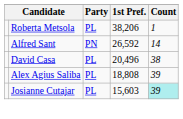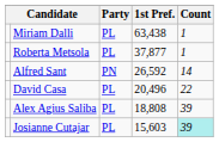 <table class="wikitable" style="font-size:95%">
 <tr>
 </tr>
 <tr>
 <th colspan=2>Candidate</th>
 <th>Party</th>
 <th>1st Pref.</th>
 <th>Count</th>
 </tr>
 <tr>
 <td></td>
+<td><a href='#'>Miriam Dalli</a></td>
+<td><a href='#'>PL</a></td>
+<td>63,438</td>
+<td><em>1</em></td>
+</tr>
+<tr>
+<td></td>
 <td><a href='#'>Roberta Metsola</a></td>
 <td><a href='#'>PL</a></td>
-<td>38,206</td>
+<td>37,877</td>
 <td><em>1</em></td>
 </tr>
 <tr>
 <td></td>
 <td><a href='#'>Alfred Sant</a></td>
 <td><a href='#'>PN</a></td>
 <td>26,592</td>
 <td><em>14</em></td>
 </tr>
 <tr>
 <td></td>
 <td><a href='#'>David Casa</a></td>
 <td><a href='#'>PL</a></td>
 <td>20,496</td>
-<td><em>38</em></td>
+<td><em>22</em></td>
 </tr>
 <tr>
 <td></td>
 <td><a href='#'>Alex Agius Saliba</a></td>
 <td><a href='#'>PL</a></td>
 <td>18,808</td>
 <td><em>39</em></td>
 </tr>
 <tr>
 <td></td>
 <td><a href='#'>Josianne Cutajar</a></td>
 <td><a href='#'>PL</a></td>
 <td>15,603</td>
 <td style="background: paleturquoise;"><em>39</em></td>
 </tr>
 </table>
